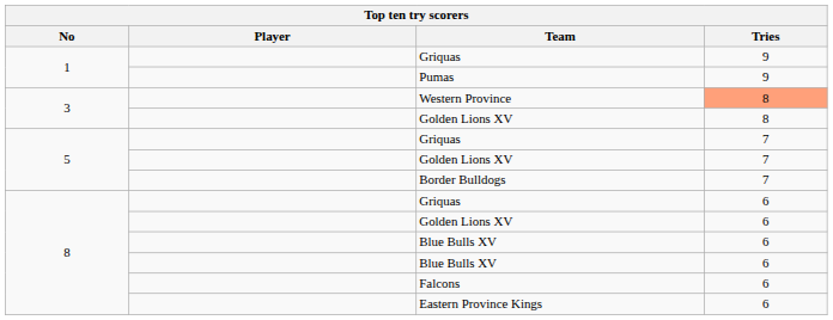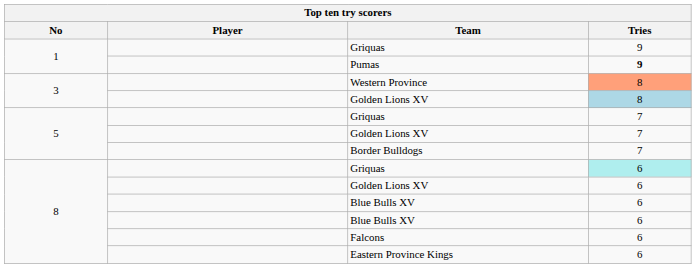 <table class="wikitable collapsible sortable" style="text-align:left; font-size:100%; width:80%;">
 <tr>
 <th colspan="100%">Top ten try scorers</th>
 </tr>
 <tr>
 <th style="width:15%;">No</th>
 <th style="width:35%;">Player</th>
 <th style="width:35%;">Team</th>
 <th style="width:15%;">Tries<br></th>
 </tr>
 <tr>
 <td rowspan="2" style="text-align:center;">1</td>
 <td></td>
 <td>Griquas</td>
 <td style="text-align:center;">9</td>
 </tr>
 <tr>
 <td></td>
 <td>Pumas</td>
-<td style="text-align:center;">9</td>
+<td style="text-align:center;"><strong>9</strong></td>
 </tr>
 <tr>
 <td rowspan="2" style="text-align:center;">3</td>
 <td></td>
 <td>Western Province</td>
 <td style="background: lightsalmon; text-align:center;">8</td>
 </tr>
 <tr>
 <td></td>
 <td>Golden Lions XV</td>
-<td style="text-align:center;">8</td>
+<td style="background: lightblue; text-align:center;">8</td>
 </tr>
 <tr>
 <td rowspan="3" style="text-align:center;">5</td>
 <td></td>
 <td>Griquas</td>
 <td style="text-align:center;">7</td>
 </tr>
 <tr>
 <td></td>
 <td>Golden Lions XV</td>
 <td style="text-align:center;">7</td>
 </tr>
 <tr>
 <td></td>
 <td>Border Bulldogs</td>
 <td style="text-align:center;">7</td>
 </tr>
 <tr>
 <td rowspan="6" style="text-align:center;">8</td>
 <td></td>
 <td>Griquas</td>
-<td style="text-align:center;">6</td>
+<td style="background: paleturquoise; text-align:center;">6</td>
 </tr>
 <tr>
 <td></td>
 <td>Golden Lions XV</td>
 <td style="text-align:center;">6</td>
 </tr>
 <tr>
 <td></td>
 <td>Blue Bulls XV</td>
 <td style="text-align:center;">6</td>
 </tr>
 <tr>
 <td></td>
 <td>Blue Bulls XV</td>
 <td style="text-align:center;">6</td>
 </tr>
 <tr>
 <td></td>
 <td>Falcons</td>
 <td style="text-align:center;">6</td>
 </tr>
 <tr>
 <td></td>
 <td>Eastern Province Kings</td>
 <td style="text-align:center;">6</td>
 </tr>
 </table>
